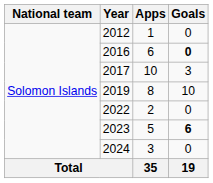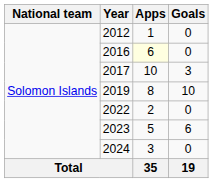 <table class="wikitable" style="text-align:center">
 <tr>
 <th>National team</th>
 <th>Year</th>
 <th>Apps</th>
 <th>Goals</th>
 </tr>
 <tr>
 <td rowspan="7"><a href='#'>Solomon Islands</a></td>
 <td>2012</td>
 <td>1</td>
 <td>0</td>
 </tr>
 <tr>
 <td>2016</td>
-<td>6</td>
-<td><strong>0</strong></td>
+<td style="background: lightyellow;">6</td>
+<td>0</td>
 </tr>
 <tr>
 <td>2017</td>
 <td>10</td>
 <td>3</td>
 </tr>
 <tr>
 <td>2019</td>
 <td>8</td>
 <td>10</td>
 </tr>
 <tr>
 <td>2022</td>
 <td>2</td>
 <td>0</td>
 </tr>
 <tr>
 <td>2023</td>
 <td>5</td>
-<td><strong>6</strong></td>
+<td>6</td>
 </tr>
 <tr>
 <td>2024</td>
 <td>3</td>
 <td>0</td>
 </tr>
 <tr>
 <th colspan="2">Total</th>
 <th>35</th>
 <th>19</th>
 </tr>
 </table>
